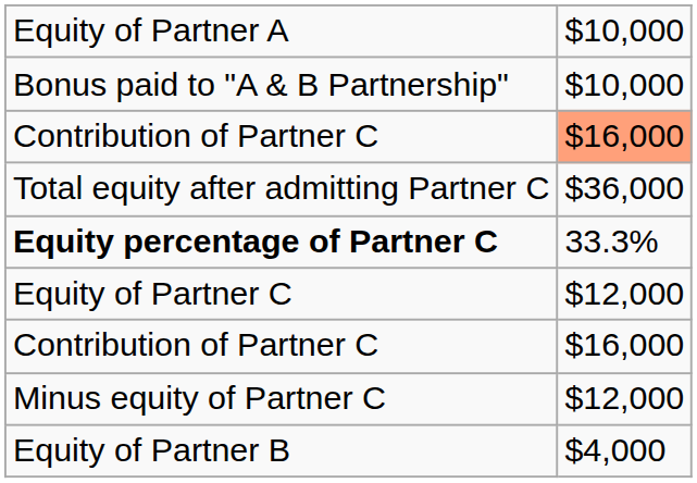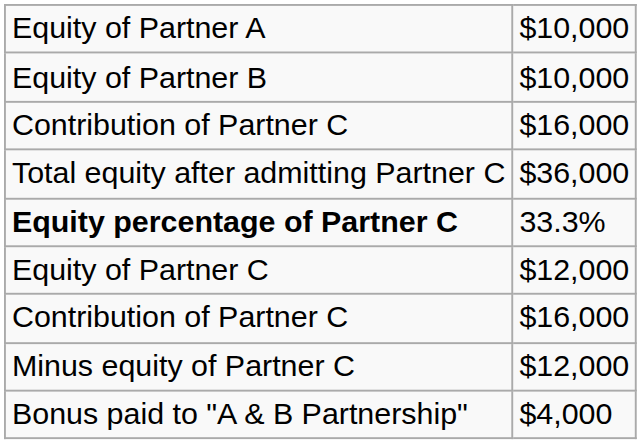 <table class="wikitable">
 <tr>
 <td>Equity of Partner A</td>
 <td>$10,000</td>
 </tr>
 <tr>
-<td>Bonus paid to "A & B Partnership"</td>
+<td>Equity of Partner B</td>
 <td>$10,000</td>
 </tr>
 <tr>
 <td>Contribution of Partner C</td>
-<td style="background: lightsalmon;">$16,000</td>
+<td>$16,000</td>
 </tr>
 <tr>
 <td>Total equity after admitting Partner C</td>
 <td>$36,000</td>
 </tr>
 <tr>
 <td><strong>Equity percentage of Partner C</strong></td>
 <td>33.3%</td>
 </tr>
 <tr>
 <td>Equity of Partner C</td>
 <td>$12,000</td>
 </tr>
 <tr>
 <td>Contribution of Partner C</td>
 <td>$16,000</td>
 </tr>
 <tr>
 <td>Minus equity of Partner C</td>
 <td>$12,000</td>
 </tr>
 <tr>
-<td>Equity of Partner B</td>
+<td>Bonus paid to "A & B Partnership"</td>
 <td>$4,000</td>
 </tr>
 </table>
